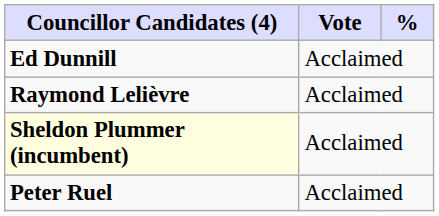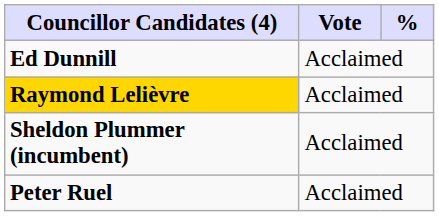 <table class="wikitable">
 <tr>
 <th style="background:#ddf; width:200px;">Councillor Candidates (4)</th>
 <th style="background:#ddf; width:50px;">Vote</th>
 <th style="background:#ddf; width:30px;">%</th>
 </tr>
 <tr>
 <td><strong>Ed Dunnill</strong></td>
 <td colspan="2">Acclaimed</td>
 </tr>
 <tr>
-<td><strong>Raymond Lelièvre</strong></td>
+<td style="background: gold;"><strong>Raymond Lelièvre</strong></td>
 <td colspan="2">Acclaimed</td>
 </tr>
 <tr>
-<td style="background: lightyellow;"><strong>Sheldon Plummer (incumbent)</strong></td>
+<td><strong>Sheldon Plummer (incumbent)</strong></td>
 <td colspan="2">Acclaimed</td>
 </tr>
 <tr>
 <td><strong>Peter Ruel</strong></td>
 <td colspan="2">Acclaimed</td>
 </tr>
 </table>
